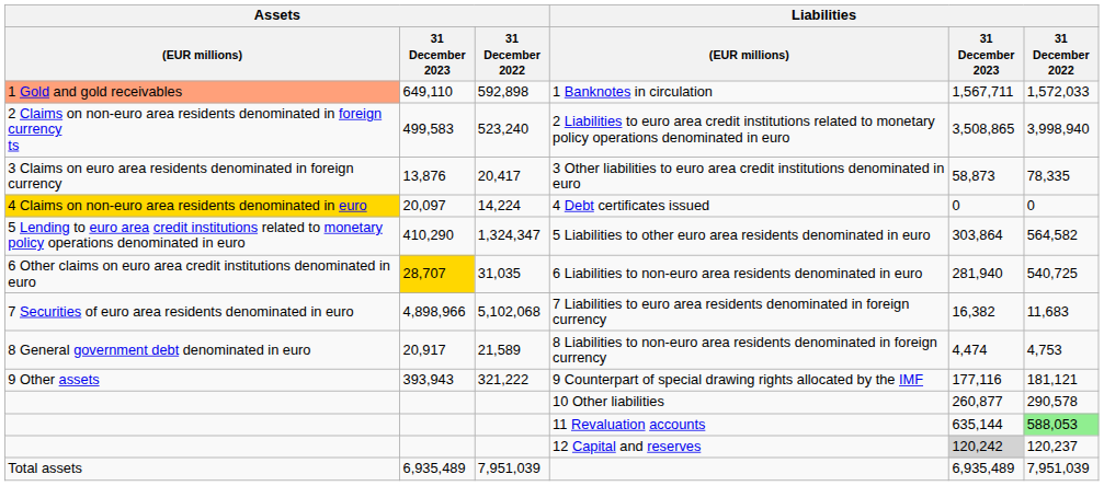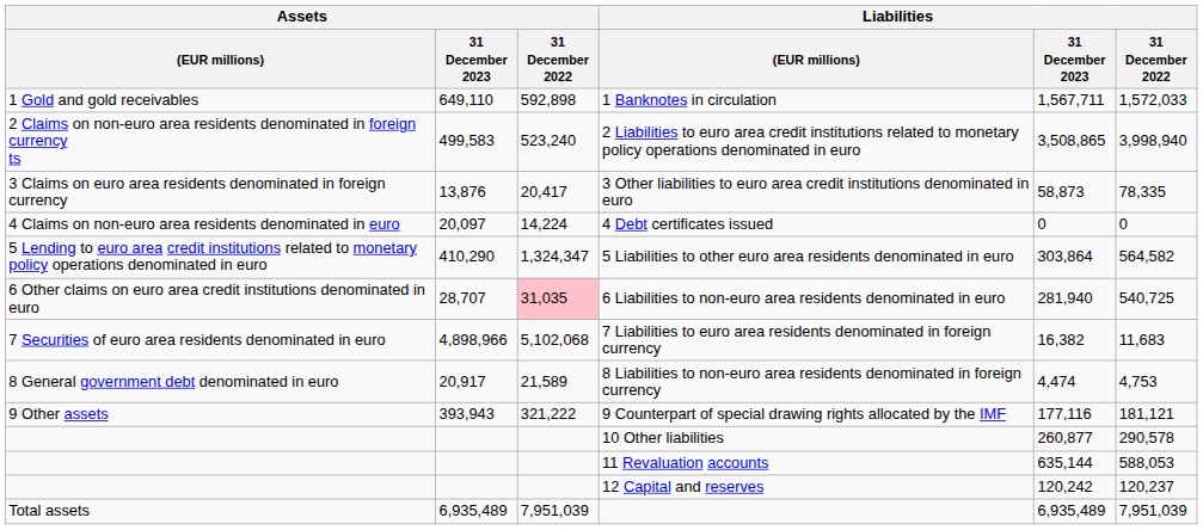 <table class="wikitable sortable mw-collapsible">
 <tr>
 <th colspan="3">Assets</th>
 <th colspan="3">Liabilities</th>
 </tr>
 <tr>
 <th><small>(EUR millions)</small></th>
 <th><strong><small>31 December</small></strong><br><strong><small>2023</small></strong></th>
 <th><small>31 December</small><br><small>2022</small></th>
 <th><small>(EUR millions)</small></th>
 <th><small>31 December</small><br><small>2023</small></th>
 <th><small>31 December</small><br><small>2022</small></th>
 </tr>
 <tr>
-<td style="background: lightsalmon;">1 <a href='#'>Gold</a> and gold receivables</td>
+<td>1 <a href='#'>Gold</a> and gold receivables</td>
 <td>649,110</td>
 <td>592,898</td>
 <td>1 <a href='#'>Banknotes</a> in circulation</td>
 <td>1,567,711</td>
 <td>1,572,033</td>
 </tr>
 <tr>
 <td>2 <a href='#'>Claims</a> on non-euro area residents denominated in <a href='#'>foreign currency</a><br><a href='#'>ts</a></td>
 <td>499,583</td>
 <td>523,240</td>
 <td>2 <a href='#'>Liabilities</a> to euro area credit institutions related to monetary policy operations denominated in euro</td>
 <td>3,508,865</td>
 <td>3,998,940</td>
 </tr>
 <tr>
 <td>3 Claims on euro area residents denominated in foreign currency</td>
 <td>13,876</td>
 <td>20,417</td>
 <td>3 Other liabilities to euro area credit institutions denominated in euro</td>
 <td>58,873</td>
 <td>78,335</td>
 </tr>
 <tr>
-<td style="background: gold;">4 Claims on non-euro area residents denominated in <a href='#'>euro</a></td>
+<td>4 Claims on non-euro area residents denominated in <a href='#'>euro</a></td>
 <td>20,097</td>
 <td>14,224</td>
 <td>4 <a href='#'>Debt</a> certificates issued</td>
 <td>0</td>
 <td>0</td>
 </tr>
 <tr>
 <td>5 <a href='#'>Lending</a> to <a href='#'>euro area</a> <a href='#'>credit institutions</a> related to <a href='#'>monetary policy</a> operations denominated in euro</td>
 <td>410,290</td>
 <td>1,324,347</td>
 <td>5 Liabilities to other euro area residents denominated in euro</td>
 <td>303,864</td>
 <td>564,582</td>
 </tr>
 <tr>
 <td>6 Other claims on euro area credit institutions denominated in euro</td>
-<td style="background: gold;">28,707</td>
-<td>31,035</td>
+<td>28,707</td>
+<td style="background: pink;">31,035</td>
 <td>6 Liabilities to non-euro area residents denominated in euro</td>
 <td>281,940</td>
 <td>540,725</td>
 </tr>
 <tr>
 <td>7 <a href='#'>Securities</a> of euro area residents denominated in euro</td>
 <td>4,898,966</td>
 <td>5,102,068</td>
 <td>7 Liabilities to euro area residents denominated in foreign currency</td>
 <td>16,382</td>
 <td>11,683</td>
 </tr>
 <tr>
 <td>8 General <a href='#'>government debt</a> denominated in euro</td>
 <td>20,917</td>
 <td>21,589</td>
 <td>8 Liabilities to non-euro area residents denominated in foreign currency</td>
 <td>4,474</td>
 <td>4,753</td>
 </tr>
 <tr>
 <td>9 Other <a href='#'>assets</a></td>
 <td>393,943</td>
 <td>321,222</td>
 <td>9 Counterpart of special drawing rights allocated by the <a href='#'>IMF</a></td>
 <td>177,116</td>
 <td>181,121</td>
 </tr>
 <tr>
 <td></td>
 <td></td>
 <td></td>
 <td>10 Other liabilities</td>
 <td>260,877</td>
 <td>290,578</td>
 </tr>
 <tr>
 <td></td>
 <td></td>
 <td></td>
 <td>11 <a href='#'>Revaluation</a> <a href='#'>accounts</a></td>
 <td>635,144</td>
-<td style="background: lightgreen;">588,053</td>
+<td>588,053</td>
 </tr>
 <tr>
 <td></td>
 <td></td>
 <td></td>
 <td>12 <a href='#'>Capital</a> and <a href='#'>reserves</a></td>
-<td style="background: lightgrey;">120,242</td>
+<td>120,242</td>
 <td>120,237</td>
 </tr>
 <tr>
 <td>Total assets</td>
 <td>6,935,489</td>
 <td>7,951,039</td>
 <td></td>
 <td>6,935,489</td>
 <td>7,951,039</td>
 </tr>
 </table>
